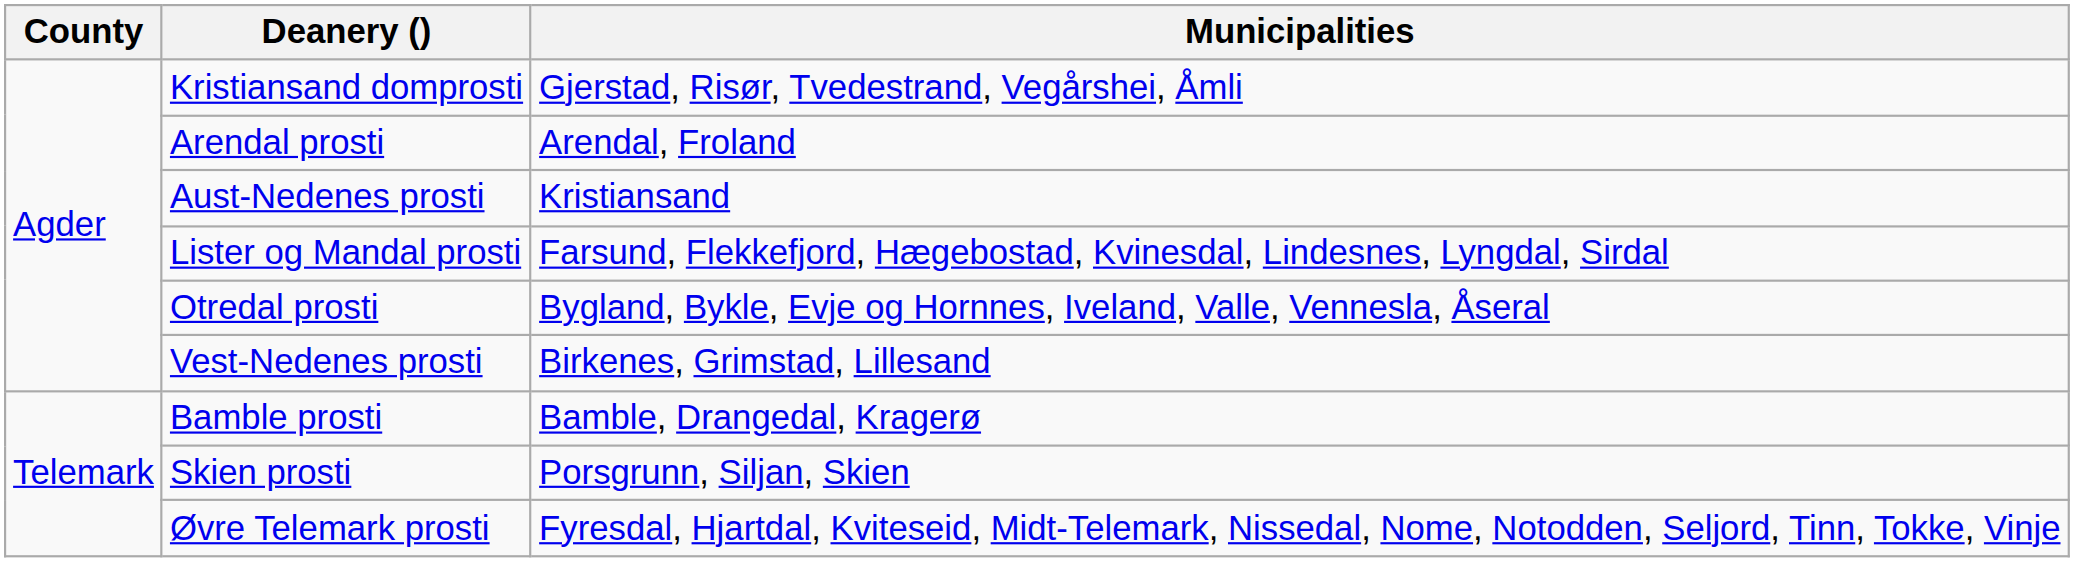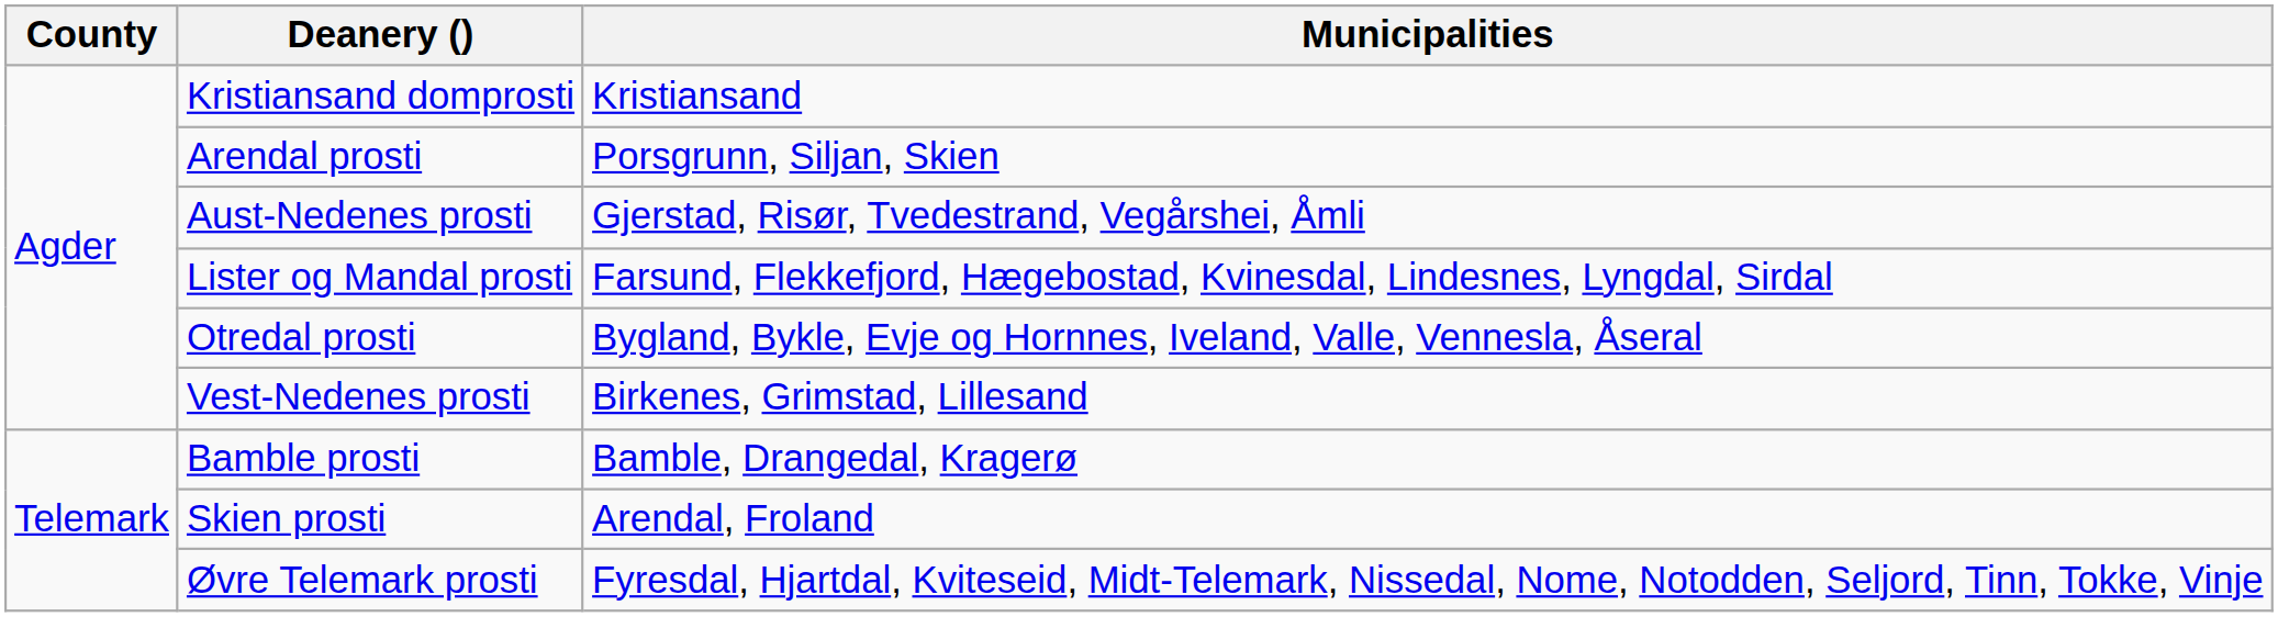 <table class="wikitable">
 <tr>
 <th>County</th>
 <th>Deanery ()</th>
 <th>Municipalities</th>
 </tr>
 <tr>
 <td rowspan="6"><a href='#'>Agder</a></td>
 <td><a href='#'>Kristiansand domprosti</a></td>
-<td><a href='#'>Gjerstad</a>, <a href='#'>Risør</a>, <a href='#'>Tvedestrand</a>, <a href='#'>Vegårshei</a>, <a href='#'>Åmli</a></td>
+<td><a href='#'>Kristiansand</a></td>
 </tr>
 <tr>
 <td><a href='#'>Arendal prosti</a></td>
-<td><a href='#'>Arendal</a>, <a href='#'>Froland</a></td>
+<td><a href='#'>Porsgrunn</a>, <a href='#'>Siljan</a>, <a href='#'>Skien</a></td>
 </tr>
 <tr>
 <td><a href='#'>Aust-Nedenes prosti</a></td>
-<td><a href='#'>Kristiansand</a></td>
+<td><a href='#'>Gjerstad</a>, <a href='#'>Risør</a>, <a href='#'>Tvedestrand</a>, <a href='#'>Vegårshei</a>, <a href='#'>Åmli</a></td>
 </tr>
 <tr>
 <td><a href='#'>Lister og Mandal prosti</a></td>
 <td><a href='#'>Farsund</a>, <a href='#'>Flekkefjord</a>, <a href='#'>Hægebostad</a>, <a href='#'>Kvinesdal</a>, <a href='#'>Lindesnes</a>, <a href='#'>Lyngdal</a>, <a href='#'>Sirdal</a></td>
 </tr>
 <tr>
 <td><a href='#'>Otredal prosti</a></td>
 <td><a href='#'>Bygland</a>, <a href='#'>Bykle</a>, <a href='#'>Evje og Hornnes</a>, <a href='#'>Iveland</a>, <a href='#'>Valle</a>, <a href='#'>Vennesla</a>, <a href='#'>Åseral</a></td>
 </tr>
 <tr>
 <td><a href='#'>Vest-Nedenes prosti</a></td>
 <td><a href='#'>Birkenes</a>, <a href='#'>Grimstad</a>, <a href='#'>Lillesand</a></td>
 </tr>
 <tr>
 <td rowspan="3"><a href='#'>Telemark</a></td>
 <td><a href='#'>Bamble prosti</a></td>
 <td><a href='#'>Bamble</a>, <a href='#'>Drangedal</a>, <a href='#'>Kragerø</a></td>
 </tr>
 <tr>
 <td><a href='#'>Skien prosti</a></td>
-<td><a href='#'>Porsgrunn</a>, <a href='#'>Siljan</a>, <a href='#'>Skien</a></td>
+<td><a href='#'>Arendal</a>, <a href='#'>Froland</a></td>
 </tr>
 <tr>
 <td><a href='#'>Øvre Telemark prosti</a></td>
 <td><a href='#'>Fyresdal</a>, <a href='#'>Hjartdal</a>, <a href='#'>Kviteseid</a>, <a href='#'>Midt-Telemark</a>, <a href='#'>Nissedal</a>, <a href='#'>Nome</a>, <a href='#'>Notodden</a>, <a href='#'>Seljord</a>, <a href='#'>Tinn</a>, <a href='#'>Tokke</a>, <a href='#'>Vinje</a></td>
 </tr>
 </table>
